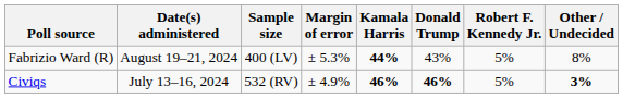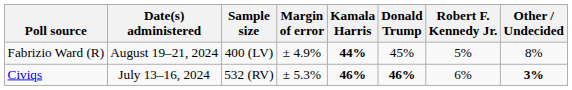 <table class="wikitable sortable mw-datatable" style="font-size:90%;text-align:center;line-height:17px">
 <tr style="vertical-align:bottom">
 <th>Poll source</th>
 <th>Date(s)<br>administered</th>
 <th>Sample<br>size</th>
 <th>Margin<br>of error</th>
 <th class="unsortable">Kamala<br>Harris<br></th>
 <th class="unsortable">Donald<br>Trump<br></th>
 <th class="unsortable">Robert F.<br>Kennedy Jr.<br></th>
 <th class="unsortable">Other /<br>Undecided</th>
 </tr>
 <tr>
 <td style="text-align:left;">Fabrizio Ward (R)</td>
 <td data-sort-value="2024-08-23">August 19–21, 2024</td>
 <td>400 (LV)</td>
-<td>± 5.3%</td>
+<td>± 4.9%</td>
 <td style="color:black;background-color:"><strong>44%</strong></td>
-<td>43%</td>
+<td>45%</td>
 <td>5%</td>
 <td>8%</td>
 </tr>
 <tr>
 <td style="text-align:left;"><a href='#'>Civiqs</a></td>
 <td data-sort-value="2024-07-19">July 13–16, 2024</td>
 <td>532 (RV)</td>
-<td>± 4.9%</td>
+<td>± 5.3%</td>
 <td><strong>46%</strong></td>
 <td><strong>46%</strong></td>
-<td>5%</td>
+<td>6%</td>
 <td><strong>3%</strong></td>
 </tr>
 </table>
